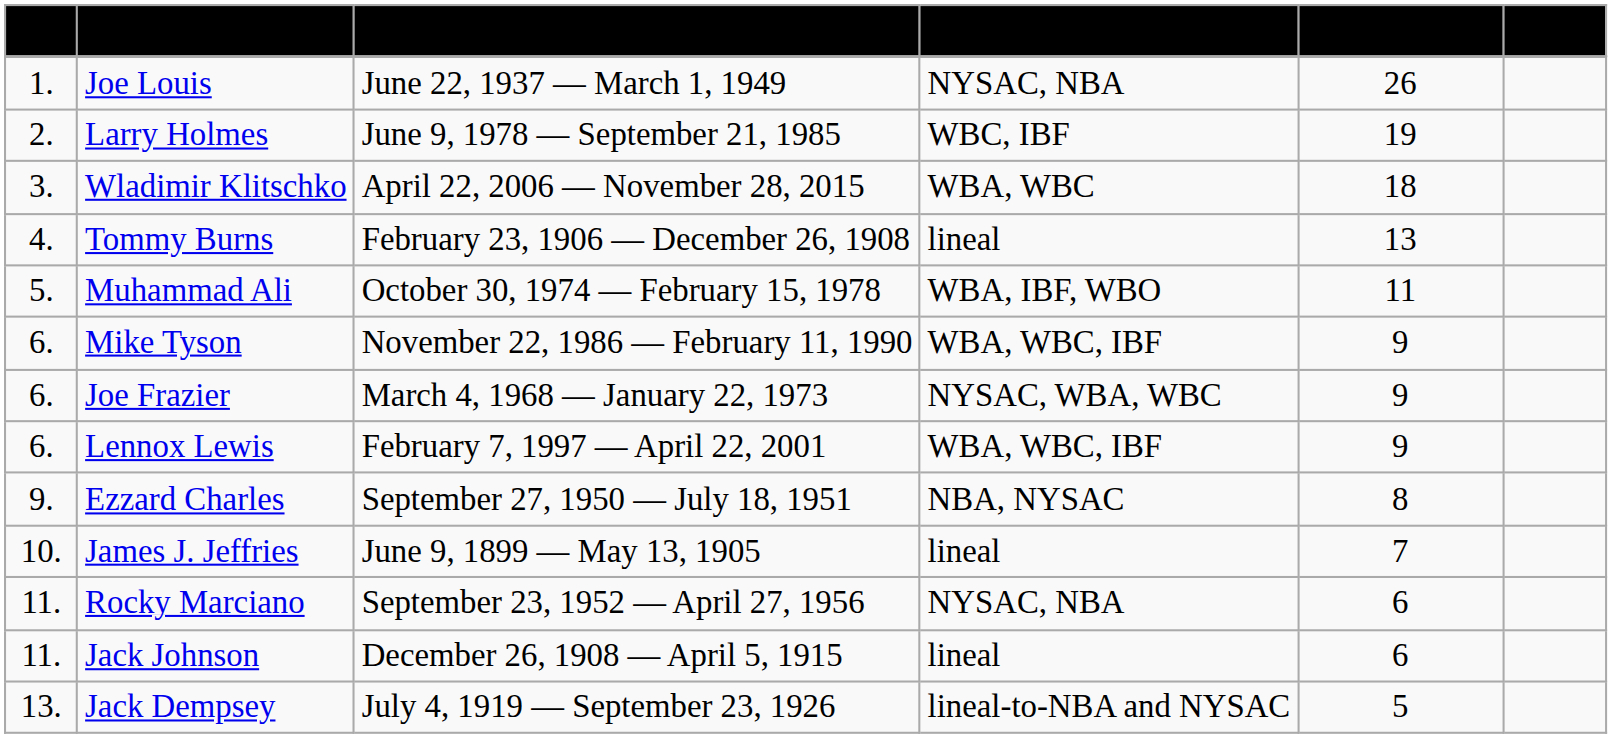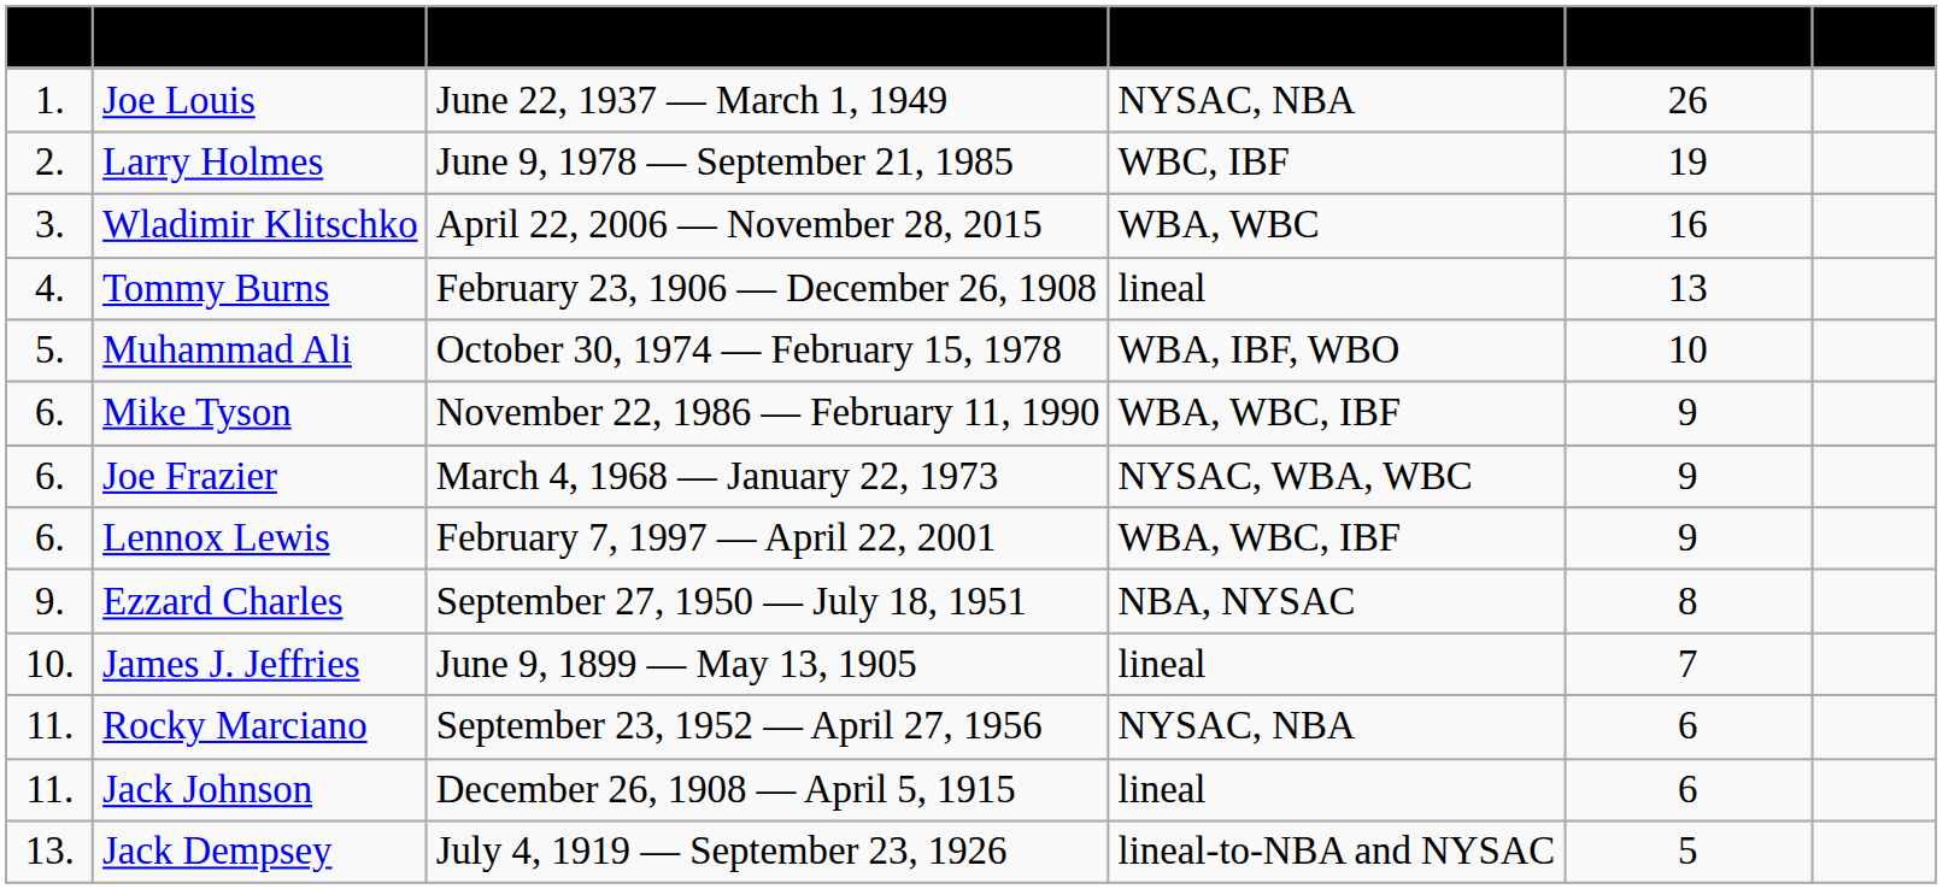 <table class="wikitable sortable" style="font-size:100%;  margin:0 .5em .5em 0; margin-top:.5em; margin-bottom:.5em; border:1px solid #CCC; border-collapse:collapse; text-align:left;">
 <tr>
 <th style="background: #D1EEEE; background: black;« width=»10%"><span>Pos.</span></th>
 <th style="background: #D1EEEE; background: black;« width=»10%"><span>Name</span></th>
 <th style="background: #D1EEEE; background: black;« width=»10%"><span>Reign began-ended</span></th>
 <th style="background: #D1EEEE; background: black;« width=»10%"><span>Recognition</span></th>
 <th style="background: #D1EEEE; background: black;« width=»10%"><span>Title defenses</span></th>
 <th style="background: #D1EEEE; background: black;« width=»10%"><span>Fights</span></th>
 </tr>
 <tr>
 </tr>
 <tr bgcolor=>
 <td align="center">1.</td>
 <td><a href='#'>Joe Louis</a></td>
 <td>June 22, 1937 — March 1, 1949</td>
 <td>NYSAC, NBA</td>
 <td align="center">26</td>
 <td></td>
 </tr>
 <tr>
 <td align="center">2.</td>
 <td><a href='#'>Larry Holmes</a></td>
 <td>June 9, 1978 — September 21, 1985</td>
 <td>WBC, IBF</td>
 <td align="center">19</td>
 <td></td>
 </tr>
 <tr>
 <td align="center">3.</td>
 <td><a href='#'>Wladimir Klitschko</a></td>
 <td>April 22, 2006 — November 28, 2015</td>
 <td>WBA, WBC</td>
-<td align="center">18</td>
+<td align="center">16</td>
 <td></td>
 </tr>
 <tr>
 <td align="center">4.</td>
 <td><a href='#'>Tommy Burns</a></td>
 <td>February 23, 1906 — December 26, 1908</td>
 <td>lineal</td>
 <td align="center">13</td>
 <td></td>
 </tr>
 <tr>
 <td align="center">5.</td>
 <td><a href='#'>Muhammad Ali</a></td>
 <td>October 30, 1974 — February 15, 1978</td>
 <td>WBA, IBF, WBO</td>
-<td align="center">11</td>
+<td align="center">10</td>
 <td></td>
 </tr>
 <tr>
 <td align="center">6.</td>
 <td><a href='#'>Mike Tyson</a></td>
 <td>November 22, 1986 — February 11, 1990</td>
 <td>WBA, WBC, IBF</td>
 <td align="center">9</td>
 <td></td>
 </tr>
 <tr>
 <td align="center">6.</td>
 <td><a href='#'>Joe Frazier</a></td>
 <td>March 4, 1968 — January 22, 1973</td>
 <td>NYSAC, WBA, WBC</td>
 <td align="center">9</td>
 <td></td>
 </tr>
 <tr>
 <td align="center">6.</td>
 <td><a href='#'>Lennox Lewis</a></td>
 <td>February 7, 1997 — April 22, 2001</td>
 <td>WBA, WBC, IBF</td>
 <td align="center">9</td>
 <td></td>
 </tr>
 <tr>
 <td align="center">9.</td>
 <td><a href='#'>Ezzard Charles</a></td>
 <td>September 27, 1950 — July 18, 1951</td>
 <td>NBA, NYSAC</td>
 <td align="center">8</td>
 <td></td>
 </tr>
 <tr>
 <td align="center">10.</td>
 <td><a href='#'>James J. Jeffries</a></td>
 <td>June 9, 1899 — May 13, 1905</td>
 <td>lineal</td>
 <td align="center">7</td>
 <td></td>
 </tr>
 <tr>
 <td align="center">11.</td>
 <td><a href='#'>Rocky Marciano</a></td>
 <td>September 23, 1952 — April 27, 1956</td>
 <td>NYSAC, NBA</td>
 <td align="center">6</td>
 <td></td>
 </tr>
 <tr>
 <td align="center">11.</td>
 <td><a href='#'>Jack Johnson</a></td>
 <td>December 26, 1908 — April 5, 1915</td>
 <td>lineal</td>
 <td align="center">6</td>
 <td></td>
 </tr>
 <tr>
 <td align="center">13.</td>
 <td><a href='#'>Jack Dempsey</a></td>
 <td>July 4, 1919 — September 23, 1926</td>
 <td>lineal-to-NBA and NYSAC</td>
 <td align="center">5</td>
 <td></td>
 </tr>
 </table>
